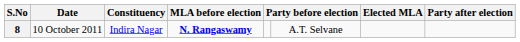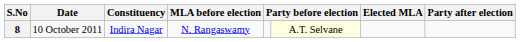 <table class="wikitable sortable" style="text-align:center;">
 <tr>
 <th>S.No</th>
 <th>Date</th>
 <th>Constituency</th>
 <th>MLA before election</th>
 <th colspan="2">Party before election</th>
 <th>Elected MLA</th>
 <th colspan="2">Party after election</th>
 </tr>
 <tr>
 <th>8</th>
 <td>10 October 2011</td>
 <td><a href='#'>Indira Nagar</a></td>
-<td><strong><a href='#'>N. Rangaswamy</a></strong></td>
+<td><a href='#'>N. Rangaswamy</a></td>
 <td></td>
-<td>A.T. Selvane</td>
+<td style="background: lightyellow;">A.T. Selvane</td>
 <td></td>
 </tr>
 </table>
